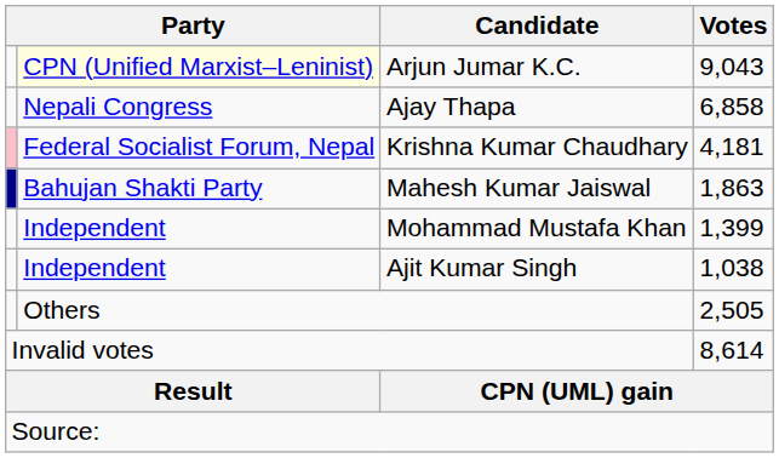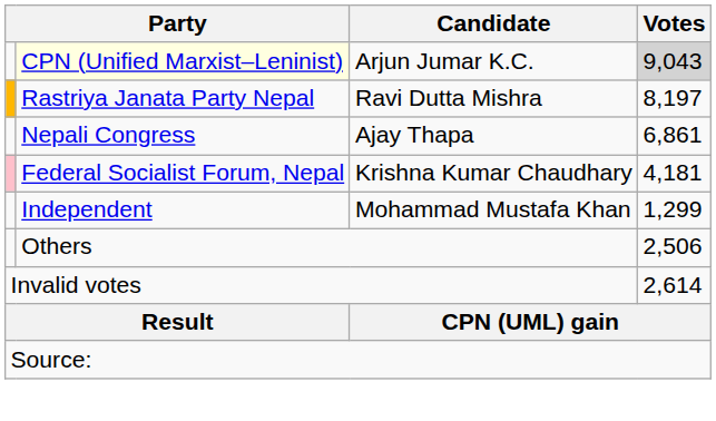 <table class="wikitable">
 <tr>
 <th colspan="2">Party</th>
 <th>Candidate</th>
 <th>Votes</th>
 </tr>
 <tr>
 <td style="background-color:"></td>
 <td style="background: lightyellow;"><a href='#'>CPN (Unified Marxist–Leninist)</a></td>
 <td>Arjun Jumar K.C.</td>
-<td>9,043</td>
+<td style="background: lightgrey;">9,043</td>
+</tr>
+<tr>
+<td style="background-color:#ffb700"></td>
+<td><a href='#'>Rastriya Janata Party Nepal</a></td>
+<td>Ravi Dutta Mishra</td>
+<td>8,197</td>
 </tr>
 <tr>
 <td style="background-color:"></td>
 <td><a href='#'>Nepali Congress</a></td>
 <td>Ajay Thapa</td>
-<td>6,858</td>
+<td>6,861</td>
 </tr>
 <tr>
 <td style="background-color:pink"></td>
 <td><a href='#'>Federal Socialist Forum, Nepal</a></td>
 <td>Krishna Kumar Chaudhary</td>
 <td>4,181</td>
 </tr>
 <tr>
-<td style="background-color:darkblue"></td>
-<td><a href='#'>Bahujan Shakti Party</a></td>
-<td>Mahesh Kumar Jaiswal</td>
-<td>1,863</td>
-</tr>
-<tr>
 <td style="background-color:"></td>
 <td><a href='#'>Independent</a></td>
 <td>Mohammad Mustafa Khan</td>
-<td>1,399</td>
-</tr>
-<tr>
-<td style="background-color:"></td>
-<td><a href='#'>Independent</a></td>
-<td>Ajit Kumar Singh</td>
-<td>1,038</td>
+<td>1,299</td>
 </tr>
 <tr>
 <td></td>
 <td colspan="2">Others</td>
-<td>2,505</td>
+<td>2,506</td>
 </tr>
 <tr>
 <td colspan="3">Invalid votes</td>
-<td>8,614</td>
+<td>2,614</td>
 </tr>
 <tr>
 <th colspan="2">Result</th>
 <th colspan="2">CPN (UML) gain</th>
 </tr>
 <tr>
 <td colspan="4">Source: </td>
 </tr>
 </table>
